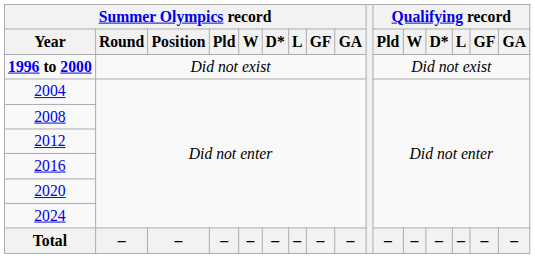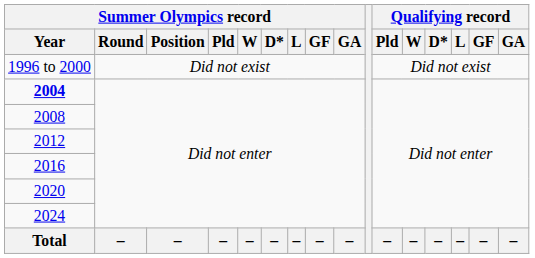 <table class="wikitable" style="text-align: center;">
 <tr>
 <th colspan=9><a href='#'>Summer Olympics</a> record</th>
 <th rowspan=12></th>
 <th colspan=6><a href='#'>Qualifying</a> record</th>
 </tr>
 <tr>
 <th>Year</th>
 <th>Round</th>
 <th>Position</th>
 <th>Pld</th>
 <th>W</th>
 <th>D*</th>
 <th>L</th>
 <th>GF</th>
 <th>GA</th>
 <th>Pld</th>
 <th>W</th>
 <th>D*</th>
 <th>L</th>
 <th>GF</th>
 <th>GA</th>
 </tr>
 <tr>
-<td><strong> <a href='#'>1996</a> to  <a href='#'>2000</a></strong></td>
+<td> <a href='#'>1996</a> to  <a href='#'>2000</a></td>
 <td colspan=8><em>Did not exist</em></td>
 <td colspan=6><em>Did not exist</em></td>
 </tr>
 <tr>
-<td> <a href='#'>2004</a></td>
+<td><strong> <a href='#'>2004</a></strong></td>
 <td colspan=8 rowspan=6><em>Did not enter</em></td>
 <td colspan=6 rowspan=6><em>Did not enter</em></td>
 </tr>
 <tr>
 <td> <a href='#'>2008</a></td>
 </tr>
 <tr>
 <td> <a href='#'>2012</a></td>
 </tr>
 <tr>
 <td> <a href='#'>2016</a></td>
 </tr>
 <tr>
 <td> <a href='#'>2020</a></td>
 </tr>
 <tr>
 <td> <a href='#'>2024</a></td>
 </tr>
 <tr>
 <th>Total</th>
 <th>–</th>
 <th>–</th>
 <th>–</th>
 <th>–</th>
 <th>–</th>
 <th>–</th>
 <th>–</th>
 <th>–</th>
 <th>–</th>
 <th>–</th>
 <th>–</th>
 <th>–</th>
 <th>–</th>
 <th>–</th>
 </tr>
 </table>
